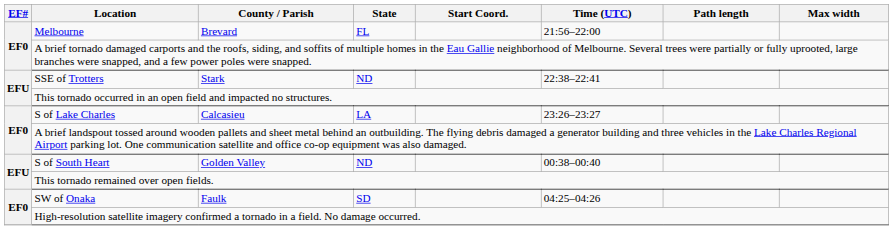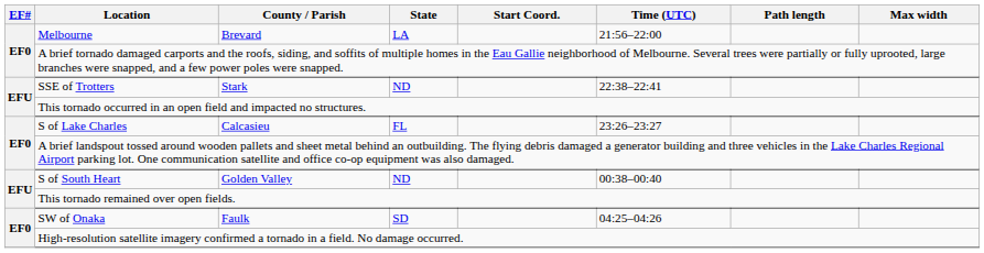 <table class="wikitable sortable" style="width:100%;">
 <tr>
 <th scope="col" width="2%" align="center"><a href='#'>EF#</a></th>
 <th scope="col" align="center" class="unsortable">Location</th>
 <th scope="col" align="center" class="unsortable">County / Parish</th>
 <th scope="col" align="center">State</th>
 <th scope="col" align="center">Start Coord.</th>
 <th scope="col" align="center">Time (<a href='#'>UTC</a>)</th>
 <th scope="col" align="center">Path length</th>
 <th scope="col" align="center">Max width</th>
 </tr>
 <tr>
 <th scope="row" rowspan="2" style="background-color:#">EF0</th>
 <td><a href='#'>Melbourne</a></td>
 <td><a href='#'>Brevard</a></td>
-<td><a href='#'>FL</a></td>
+<td><a href='#'>LA</a></td>
 <td></td>
 <td>21:56–22:00</td>
 <td></td>
 <td></td>
 </tr>
 <tr class="expand-child">
 <td colspan="8" style=" border-bottom: 1px solid black;">A brief tornado damaged carports and the roofs, siding, and soffits of multiple homes in the <a href='#'>Eau Gallie</a> neighborhood of Melbourne. Several trees were partially or fully uprooted, large branches were snapped, and a few power poles were snapped.</td>
 </tr>
 <tr>
 <th scope="row" rowspan="2" style="background-color:#">EFU</th>
 <td>SSE of <a href='#'>Trotters</a></td>
 <td><a href='#'>Stark</a></td>
 <td><a href='#'>ND</a></td>
 <td></td>
 <td>22:38–22:41</td>
 <td></td>
 <td></td>
 </tr>
 <tr class="expand-child">
 <td colspan="8" style=" border-bottom: 1px solid black;">This tornado occurred in an open field and impacted no structures.</td>
 </tr>
 <tr>
 <th scope="row" rowspan="2" style="background-color:#">EF0</th>
 <td>S of <a href='#'>Lake Charles</a></td>
 <td><a href='#'>Calcasieu</a></td>
-<td><a href='#'>LA</a></td>
+<td><a href='#'>FL</a></td>
 <td></td>
 <td>23:26–23:27</td>
 <td></td>
 <td></td>
 </tr>
 <tr class="expand-child">
 <td colspan="8" style=" border-bottom: 1px solid black;">A brief landspout tossed around wooden pallets and sheet metal behind an outbuilding. The flying debris damaged a generator building and three vehicles in the <a href='#'>Lake Charles Regional Airport</a> parking lot. One communication satellite and office co-op equipment was also damaged.</td>
 </tr>
 <tr>
 <th scope="row" rowspan="2" style="background-color:#">EFU</th>
 <td>S of <a href='#'>South Heart</a></td>
 <td><a href='#'>Golden Valley</a></td>
 <td><a href='#'>ND</a></td>
 <td></td>
 <td>00:38–00:40</td>
 <td></td>
 <td></td>
 </tr>
 <tr class="expand-child">
 <td colspan="8" style=" border-bottom: 1px solid black;">This tornado remained over open fields.</td>
 </tr>
 <tr>
 <th scope="row" rowspan="2" style="background-color:#">EF0</th>
 <td>SW of <a href='#'>Onaka</a></td>
 <td><a href='#'>Faulk</a></td>
 <td><a href='#'>SD</a></td>
 <td></td>
 <td>04:25–04:26</td>
 <td></td>
 <td></td>
 </tr>
 <tr class="expand-child">
 <td colspan="8" style=" border-bottom: 1px solid black;">High-resolution satellite imagery confirmed a tornado in a field. No damage occurred.</td>
 </tr>
 <tr>
 </tr>
 </table>
